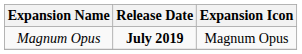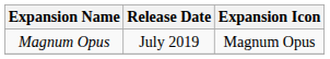 <table class="wikitable" style="text-align:center">
 <tr>
 <th>Expansion Name</th>
 <th>Release Date</th>
 <th>Expansion Icon</th>
 </tr>
 <tr>
 <td><em>Magnum Opus</em></td>
-<td><strong>July 2019</strong></td>
+<td>July 2019</td>
 <td>Magnum Opus</td>
 </tr>
 <tr }>
 </tr>
 </table>
